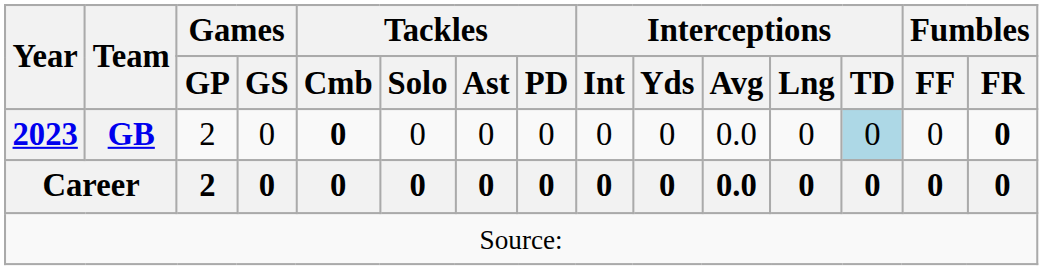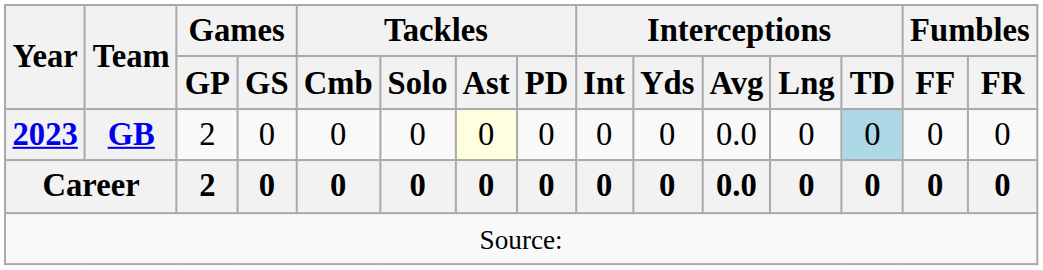 <table class="wikitable" style="text-align: center;">
 <tr>
 <th rowspan="2">Year</th>
 <th rowspan="2">Team</th>
 <th colspan="2">Games</th>
 <th colspan="4">Tackles</th>
 <th colspan="5">Interceptions</th>
 <th colspan="2">Fumbles</th>
 </tr>
 <tr>
 <th>GP</th>
 <th>GS</th>
 <th>Cmb</th>
 <th>Solo</th>
 <th>Ast</th>
 <th>PD</th>
 <th>Int</th>
 <th>Yds</th>
 <th>Avg</th>
 <th>Lng</th>
 <th>TD</th>
 <th>FF</th>
 <th>FR</th>
 </tr>
 <tr>
 <th><a href='#'>2023</a></th>
 <th><a href='#'>GB</a></th>
 <td>2</td>
 <td>0</td>
-<td><strong>0</strong></td>
 <td>0</td>
 <td>0</td>
+<td style="background: lightyellow;">0</td>
 <td>0</td>
 <td>0</td>
 <td>0</td>
 <td>0.0</td>
 <td>0</td>
 <td style="background: lightblue;">0</td>
 <td>0</td>
-<td><strong>0</strong></td>
+<td>0</td>
 </tr>
 <tr>
 <th colspan="2">Career</th>
 <th>2</th>
 <th>0</th>
 <th>0</th>
 <th>0</th>
 <th>0</th>
 <th>0</th>
 <th>0</th>
 <th>0</th>
 <th>0.0</th>
 <th>0</th>
 <th>0</th>
 <th>0</th>
 <th>0</th>
 </tr>
 <tr>
 <td colspan="15"><small>Source: </small></td>
 </tr>
 </table>
